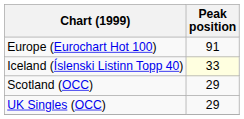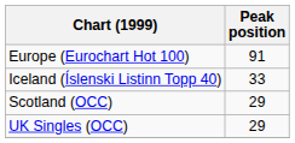 <table class="wikitable sortable">
 <tr>
 <th>Chart (1999)</th>
 <th>Peak<br>position</th>
 </tr>
 <tr>
 <td>Europe (<a href='#'>Eurochart Hot 100</a>)</td>
 <td style="text-align:center;">91</td>
 </tr>
 <tr>
 <td>Iceland (<a href='#'>Íslenski Listinn Topp 40</a>)</td>
-<td style="background: lightyellow; text-align:center;">33</td>
+<td style="text-align:center;">33</td>
 </tr>
 <tr>
 <td>Scotland (<a href='#'>OCC</a>)</td>
 <td style="text-align:center;">29</td>
 </tr>
 <tr>
 <td><a href='#'>UK Singles</a> (<a href='#'>OCC</a>)</td>
 <td style="text-align:center;">29</td>
 </tr>
 <tr>
 </tr>
 </table>
